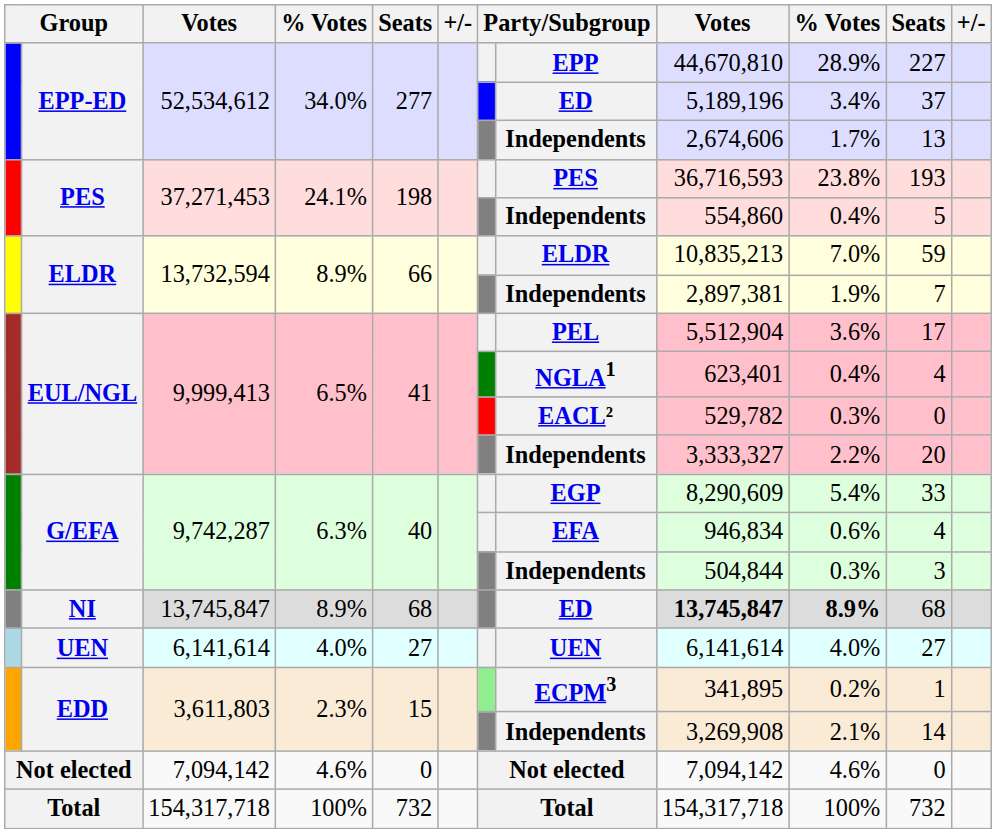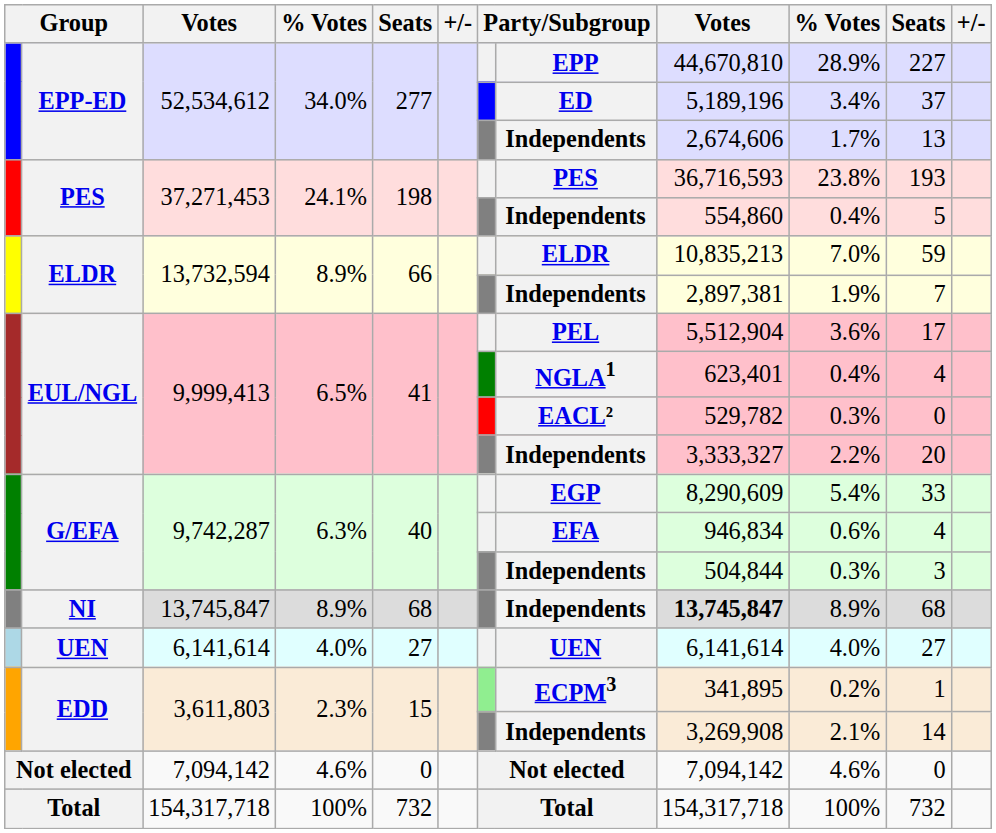 <table class="wikitable" style="text-align:right">
 <tr>
 <th colspan="2">Group</th>
 <th>Votes</th>
 <th>% Votes</th>
 <th>Seats</th>
 <th>+/-</th>
 <th colspan="2">Party/Subgroup</th>
 <th>Votes</th>
 <th>% Votes</th>
 <th>Seats</th>
 <th>+/-</th>
 </tr>
 <tr BGCOLOR="#ddddff">
 <th rowspan="3" style="background-color:blue"> </th>
 <th rowspan="3"><a href='#'>EPP-ED</a></th>
 <td rowspan="3">52,534,612</td>
 <td rowspan="3">34.0%</td>
 <td rowspan="3">277</td>
 <td rowspan="3"> </td>
 <th style="background-color:"> </th>
 <th><a href='#'>EPP</a></th>
 <td>44,670,810</td>
 <td>28.9%</td>
 <td>227</td>
 <td> </td>
 </tr>
 <tr BGCOLOR="#ddddff">
 <th style="background-color:blue; width: 3px;"> </th>
 <th><a href='#'>ED</a></th>
 <td>5,189,196</td>
 <td>3.4%</td>
 <td>37</td>
 <td> </td>
 </tr>
 <tr BGCOLOR="#ddddff">
 <th style="background-color:gray; width: 3px;"> </th>
 <th>Independents</th>
 <td>2,674,606</td>
 <td>1.7%</td>
 <td>13</td>
 <td> </td>
 </tr>
 <tr BGCOLOR="#ffdddd">
 <th rowspan="2" style="background-color:red; width:3px;"> </th>
 <th rowspan="2"><a href='#'>PES</a></th>
 <td rowspan="2">37,271,453</td>
 <td rowspan="2">24.1%</td>
 <td rowspan="2">198</td>
 <td rowspan="2"> </td>
 <th style="background-color:"> </th>
 <th><a href='#'>PES</a></th>
 <td>36,716,593</td>
 <td>23.8%</td>
 <td>193</td>
 <td> </td>
 </tr>
 <tr BGCOLOR="#ffdddd">
 <th style="background-color:gray; width: 3px;"> </th>
 <th>Independents</th>
 <td>554,860</td>
 <td>0.4%</td>
 <td>5</td>
 <td> </td>
 </tr>
 <tr BGCOLOR="#ffffdd">
 <th rowspan="2" style="background-color:yellow; width:3px;"> </th>
 <th rowspan="2"><a href='#'>ELDR</a></th>
 <td rowspan="2">13,732,594</td>
 <td rowspan="2">8.9%</td>
 <td rowspan="2">66</td>
 <td rowspan="2"> </td>
 <th style="background-color:"> </th>
 <th><a href='#'>ELDR</a></th>
 <td>10,835,213</td>
 <td>7.0%</td>
 <td>59</td>
 <td> </td>
 </tr>
 <tr BGCOLOR="#ffffdd">
 <th style="background-color:gray; width: 3px;"> </th>
 <th>Independents</th>
 <td>2,897,381</td>
 <td>1.9%</td>
 <td>7</td>
 <td> </td>
 </tr>
 <tr BGCOLOR="#ffc0cb">
 <th rowspan="4" style="background-color:brown; width: 3px;"> </th>
 <th rowspan="4"><a href='#'>EUL/NGL</a></th>
 <td rowspan="4">9,999,413</td>
 <td rowspan="4">6.5%</td>
 <td rowspan="4">41</td>
 <td rowspan="4"> </td>
 <th style="background-color:"> </th>
 <th><a href='#'>PEL</a></th>
 <td>5,512,904</td>
 <td>3.6%</td>
 <td>17</td>
 <td> </td>
 </tr>
 <tr BGCOLOR="#ffc0cb">
 <th style="background-color:green; width: 3px;"> </th>
 <th><a href='#'>NGLA</a><sup>1</sup></th>
 <td>623,401</td>
 <td>0.4%</td>
 <td>4</td>
 <td> </td>
 </tr>
 <tr BGCOLOR="#ffc0cb">
 <th style="background-color:red; width: 3px;"> </th>
 <th><a href='#'>EACL</a>²</th>
 <td>529,782</td>
 <td>0.3%</td>
 <td>0</td>
 <td> </td>
 </tr>
 <tr BGCOLOR="#ffc0cb">
 <th style="background-color:gray; width: 3px;"> </th>
 <th>Independents</th>
 <td>3,333,327</td>
 <td>2.2%</td>
 <td>20</td>
 <td> </td>
 </tr>
 <tr BGCOLOR="#ddffdd">
 <th rowspan="3" style="background-color:green; width: 3px;"> </th>
 <th rowspan="3"><a href='#'>G/EFA</a></th>
 <td rowspan="3">9,742,287</td>
 <td rowspan="3">6.3%</td>
 <td rowspan="3">40</td>
 <td rowspan="3"> </td>
 <th style="background-color:"> </th>
 <th><a href='#'>EGP</a></th>
 <td>8,290,609</td>
 <td>5.4%</td>
 <td>33</td>
 <td> </td>
 </tr>
 <tr BGCOLOR="#ddffdd">
 <th style="background-color:"> </th>
 <th><a href='#'>EFA</a></th>
 <td>946,834</td>
 <td>0.6%</td>
 <td>4</td>
 <td> </td>
 </tr>
 <tr BGCOLOR="#ddffdd">
 <th style="background-color:gray; width: 3px;"> </th>
 <th>Independents</th>
 <td>504,844</td>
 <td>0.3%</td>
 <td>3</td>
 <td> </td>
 </tr>
 <tr BGCOLOR="#dcdcdc">
 <th style="background-color:gray; width: 3px;"> </th>
 <th><a href='#'>NI</a></th>
 <td>13,745,847</td>
 <td>8.9%</td>
 <td>68</td>
 <td> </td>
 <th style="background-color:gray; width: 3px;"> </th>
-<th><a href='#'>ED</a></th>
+<th>Independents</th>
 <td><strong>13,745,847</strong></td>
-<td><strong>8.9%</strong></td>
+<td>8.9%</td>
 <td>68</td>
 <td> </td>
 </tr>
 <tr BGCOLOR="#e0ffff">
 <th style="background-color:lightblue; width: 3px;"> </th>
 <th><a href='#'>UEN</a></th>
 <td>6,141,614</td>
 <td>4.0%</td>
 <td>27</td>
 <td> </td>
 <th style="background-color:"> </th>
 <th><a href='#'>UEN</a></th>
 <td>6,141,614</td>
 <td>4.0%</td>
 <td>27</td>
 <td> </td>
 </tr>
 <tr BGCOLOR="#faebd7">
 <th rowspan="2" style="background-color:orange; width: 3px;"> </th>
 <th rowspan="2"><a href='#'>EDD</a></th>
 <td rowspan="2">3,611,803</td>
 <td rowspan="2">2.3%</td>
 <td rowspan="2">15</td>
 <td rowspan="2"> </td>
 <th style="background-color:lightgreen; width: 3px;"> </th>
 <th><a href='#'>ECPM</a><sup>3</sup></th>
 <td>341,895</td>
 <td>0.2%</td>
 <td>1</td>
 <td> </td>
 </tr>
 <tr BGCOLOR="#faebd7">
 <th style="background-color:gray; width: 3px;"> </th>
 <th>Independents</th>
 <td>3,269,908</td>
 <td>2.1%</td>
 <td>14</td>
 <td> </td>
 </tr>
 <tr>
 <th colspan="2">Not elected</th>
 <td>7,094,142</td>
 <td>4.6%</td>
 <td>0</td>
 <td> </td>
 <th colspan="2">Not elected</th>
 <td>7,094,142</td>
 <td>4.6%</td>
 <td>0</td>
 <td> </td>
 </tr>
 <tr>
 <th colspan="2">Total</th>
 <td>154,317,718</td>
 <td>100%</td>
 <td>732</td>
 <td> </td>
 <th colspan="2">Total</th>
 <td>154,317,718</td>
 <td>100%</td>
 <td>732</td>
 <td> </td>
 </tr>
 </table>
